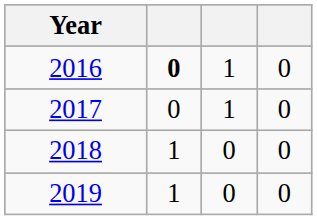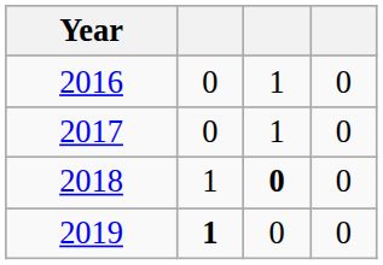 <table class="wikitable" width=30% style="font-size:100%; text-align:center;">
 <tr>
 <th>Year</th>
 <th></th>
 <th></th>
 <th></th>
 </tr>
 <tr>
 <td><a href='#'>2016</a></td>
-<td><strong>0</strong></td>
+<td>0</td>
 <td>1</td>
 <td>0</td>
 </tr>
 <tr>
 <td><a href='#'>2017</a></td>
 <td>0</td>
 <td>1</td>
 <td>0</td>
 </tr>
 <tr>
 <td><a href='#'>2018</a></td>
 <td>1</td>
-<td>0</td>
+<td><strong>0</strong></td>
 <td>0</td>
 </tr>
 <tr>
 <td><a href='#'>2019</a></td>
-<td>1</td>
+<td><strong>1</strong></td>
 <td>0</td>
 <td>0</td>
 </tr>
 </table>
